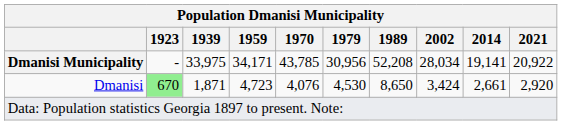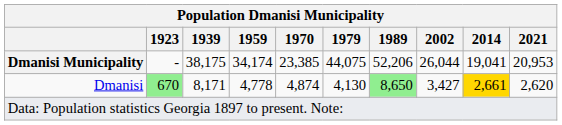 <table class="wikitable" style="text-align:right">
 <tr>
 <th colspan=19>Population Dmanisi Municipality</th>
 </tr>
 <tr>
 <th></th>
 <th>1923</th>
 <th>1939</th>
 <th>1959</th>
 <th>1970</th>
 <th>1979</th>
 <th>1989</th>
 <th>2002</th>
 <th>2014</th>
 <th>2021</th>
 </tr>
 <tr>
 <th>Dmanisi Municipality </th>
 <td>-</td>
-<td>33,975</td>
-<td> 34,171</td>
-<td> 43,785</td>
-<td> 30,956</td>
-<td> 52,208</td>
-<td> 28,034</td>
-<td> 19,141</td>
-<td> 20,922</td>
+<td>38,175</td>
+<td> 34,174</td>
+<td> 23,385</td>
+<td> 44,075</td>
+<td> 52,206</td>
+<td> 26,044</td>
+<td> 19,041</td>
+<td> 20,953</td>
 </tr>
 <tr>
 <td><a href='#'>Dmanisi</a> </td>
 <td style="background: lightgreen;">670</td>
-<td> 1,871</td>
-<td> 4,723</td>
-<td> 4,076</td>
-<td> 4,530</td>
-<td> 8,650</td>
-<td> 3,424</td>
-<td> 2,661</td>
-<td> 2,920</td>
+<td> 8,171</td>
+<td> 4,778</td>
+<td> 4,874</td>
+<td> 4,130</td>
+<td style="background: lightgreen;"> 8,650</td>
+<td> 3,427</td>
+<td style="background: gold;"> 2,661</td>
+<td> 2,620</td>
 </tr>
 <tr>
 <td colspan=15 class="wikitable" style="align:left;text-align:left;background-color:#eaecf0">Data: Population statistics Georgia 1897 to present. Note:</td>
 </tr>
 </table>
